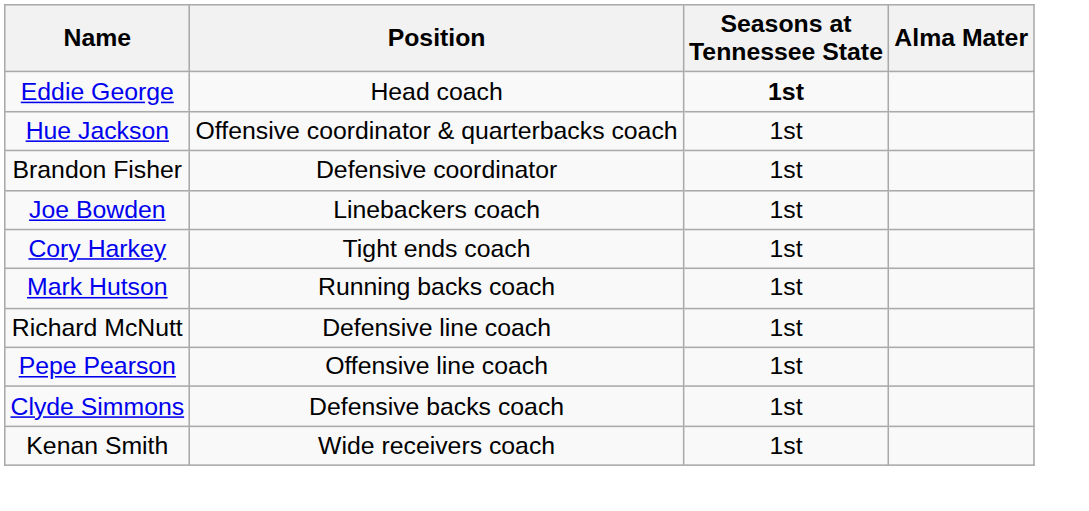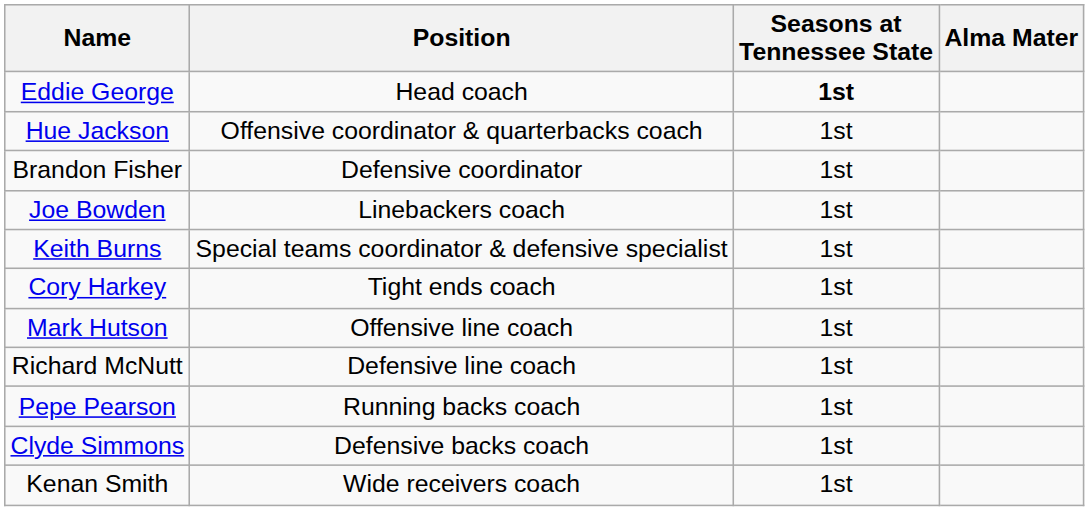 <table class="wikitable" style="text-align:center;">
 <tr>
 <th>Name</th>
 <th>Position</th>
 <th>Seasons at <br> Tennessee State</th>
 <th>Alma Mater</th>
 </tr>
 <tr>
 <td><a href='#'>Eddie George</a></td>
 <td>Head coach</td>
 <td><strong>1st</strong></td>
 <td></td>
 </tr>
 <tr>
 <td><a href='#'>Hue Jackson</a></td>
 <td>Offensive coordinator & quarterbacks coach</td>
 <td>1st</td>
 <td></td>
 </tr>
 <tr>
 <td>Brandon Fisher</td>
 <td>Defensive coordinator</td>
 <td>1st</td>
 <td></td>
 </tr>
 <tr>
 <td><a href='#'>Joe Bowden</a></td>
 <td>Linebackers coach</td>
 <td>1st</td>
 <td></td>
 </tr>
 <tr>
+<td><a href='#'>Keith Burns</a></td>
+<td>Special teams coordinator & defensive specialist</td>
+<td>1st</td>
+<td></td>
+</tr>
+<tr>
 <td><a href='#'>Cory Harkey</a></td>
 <td>Tight ends coach</td>
 <td>1st</td>
 <td></td>
 </tr>
 <tr>
 <td><a href='#'>Mark Hutson</a></td>
-<td>Running backs coach</td>
+<td>Offensive line coach</td>
 <td>1st</td>
 <td></td>
 </tr>
 <tr>
 <td>Richard McNutt</td>
 <td>Defensive line coach</td>
 <td>1st</td>
 <td></td>
 </tr>
 <tr>
 <td><a href='#'>Pepe Pearson</a></td>
-<td>Offensive line coach</td>
+<td>Running backs coach</td>
 <td>1st</td>
 <td></td>
 </tr>
 <tr>
 <td><a href='#'>Clyde Simmons</a></td>
 <td>Defensive backs coach</td>
 <td>1st</td>
 <td></td>
 </tr>
 <tr>
 <td>Kenan Smith</td>
 <td>Wide receivers coach</td>
 <td>1st</td>
 <td></td>
 </tr>
 </table>
